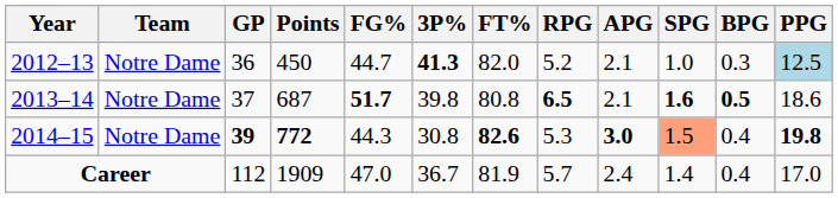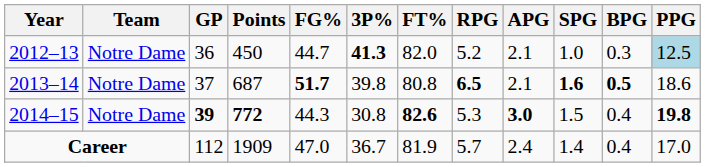 <table class="wikitable">
 <tr>
 <th>Year</th>
 <th>Team</th>
 <th>GP</th>
 <th>Points</th>
 <th>FG%</th>
 <th>3P%</th>
 <th>FT%</th>
 <th>RPG</th>
 <th>APG</th>
 <th>SPG</th>
 <th>BPG</th>
 <th>PPG</th>
 </tr>
 <tr>
 <td><a href='#'>2012–13</a></td>
 <td><a href='#'>Notre Dame</a></td>
 <td>36</td>
 <td>450</td>
 <td>44.7</td>
 <td><strong>41.3</strong></td>
 <td>82.0</td>
 <td>5.2</td>
 <td>2.1</td>
 <td>1.0</td>
 <td>0.3</td>
 <td style="background: lightblue;">12.5</td>
 </tr>
 <tr>
 <td><a href='#'>2013–14</a></td>
 <td><a href='#'>Notre Dame</a></td>
 <td>37</td>
 <td>687</td>
 <td><strong>51.7</strong></td>
 <td>39.8</td>
 <td>80.8</td>
 <td><strong>6.5</strong></td>
 <td>2.1</td>
 <td><strong>1.6</strong></td>
 <td><strong>0.5</strong></td>
 <td>18.6</td>
 </tr>
 <tr>
 <td><a href='#'>2014–15</a></td>
 <td><a href='#'>Notre Dame</a></td>
 <td><strong>39</strong></td>
 <td><strong>772</strong></td>
 <td>44.3</td>
 <td>30.8</td>
 <td><strong>82.6</strong></td>
 <td>5.3</td>
 <td><strong>3.0</strong></td>
-<td style="background: lightsalmon;">1.5</td>
+<td>1.5</td>
 <td>0.4</td>
 <td><strong>19.8</strong></td>
 </tr>
 <tr class="sortbottom">
 <td colspan=2 align=center><strong>Career</strong></td>
 <td>112</td>
 <td>1909</td>
 <td>47.0</td>
 <td>36.7</td>
 <td>81.9</td>
 <td>5.7</td>
 <td>2.4</td>
 <td>1.4</td>
 <td>0.4</td>
 <td>17.0</td>
 </tr>
 </table>
